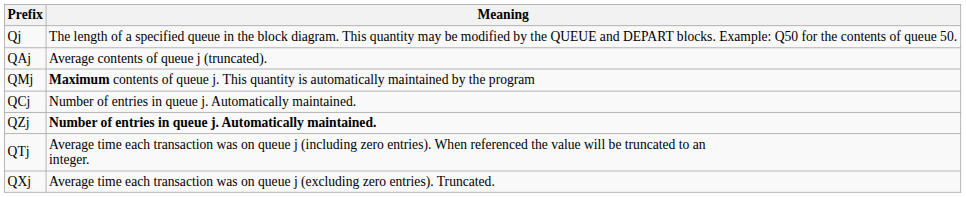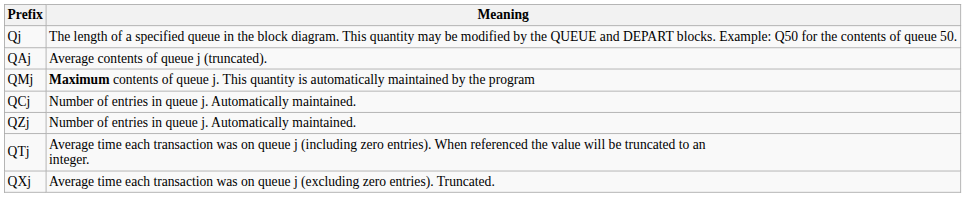 <table class="wikitable">
 <tr>
 <th>Prefix</th>
 <th>Meaning</th>
 </tr>
 <tr>
 <td>Qj</td>
 <td>The length of a specified queue in the block diagram. This quantity may be modified by the QUEUE and DEPART blocks. Example: Q50 for the contents of queue 50.</td>
 </tr>
 <tr>
 <td>QAj</td>
 <td>Average contents of queue j (truncated).</td>
 </tr>
 <tr>
 <td>QMj</td>
 <td><strong>Maximum</strong> contents of queue j. This quantity is automatically maintained by the program</td>
 </tr>
 <tr>
 <td>QCj</td>
 <td>Number of entries in queue j. Automatically maintained.</td>
 </tr>
 <tr>
 <td>QZj</td>
-<td><strong>Number of entries in queue j. Automatically maintained.</strong></td>
+<td>Number of entries in queue j. Automatically maintained.</td>
 </tr>
 <tr>
 <td>QTj</td>
 <td>Average time each transaction was on queue j (including zero entries). When referenced the value will  be truncated to an<br>integer.</td>
 </tr>
 <tr>
 <td>QXj</td>
 <td>Average time each transaction was on queue j (excluding zero entries). Truncated.</td>
 </tr>
 </table>
